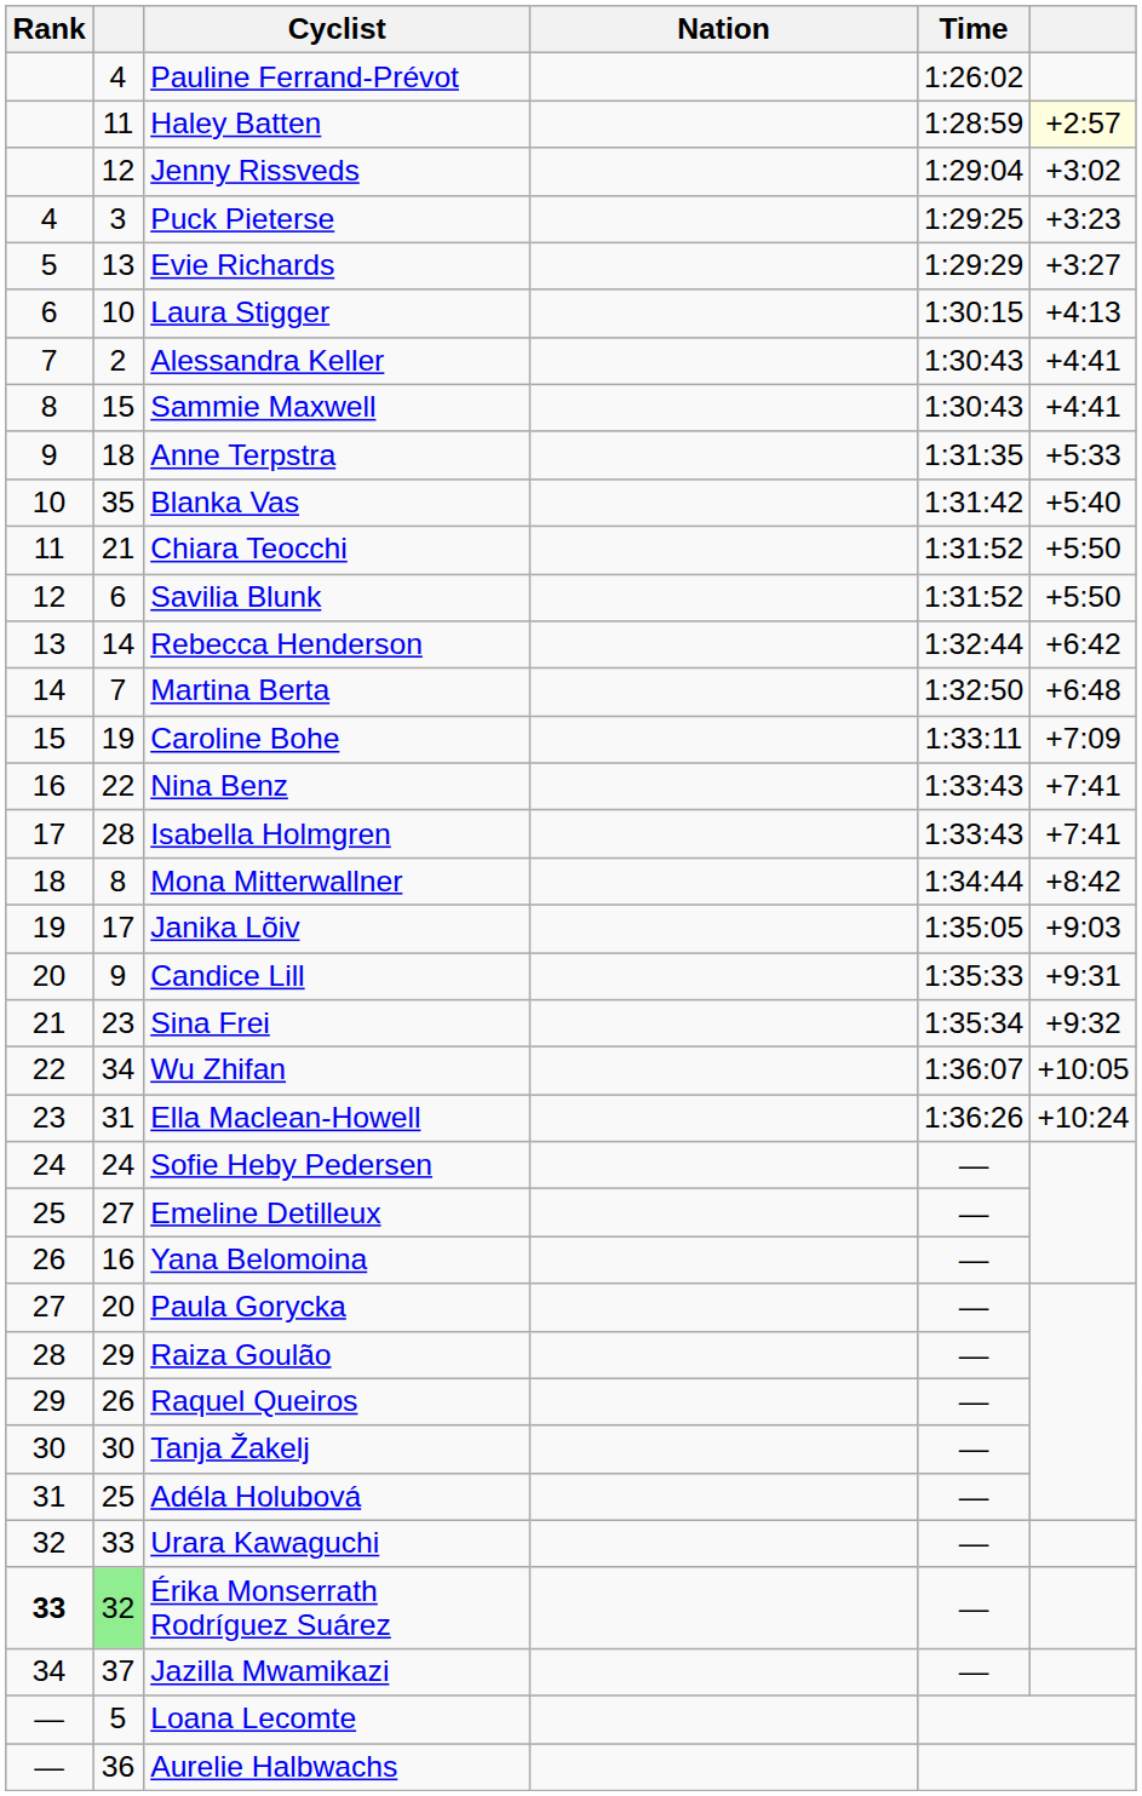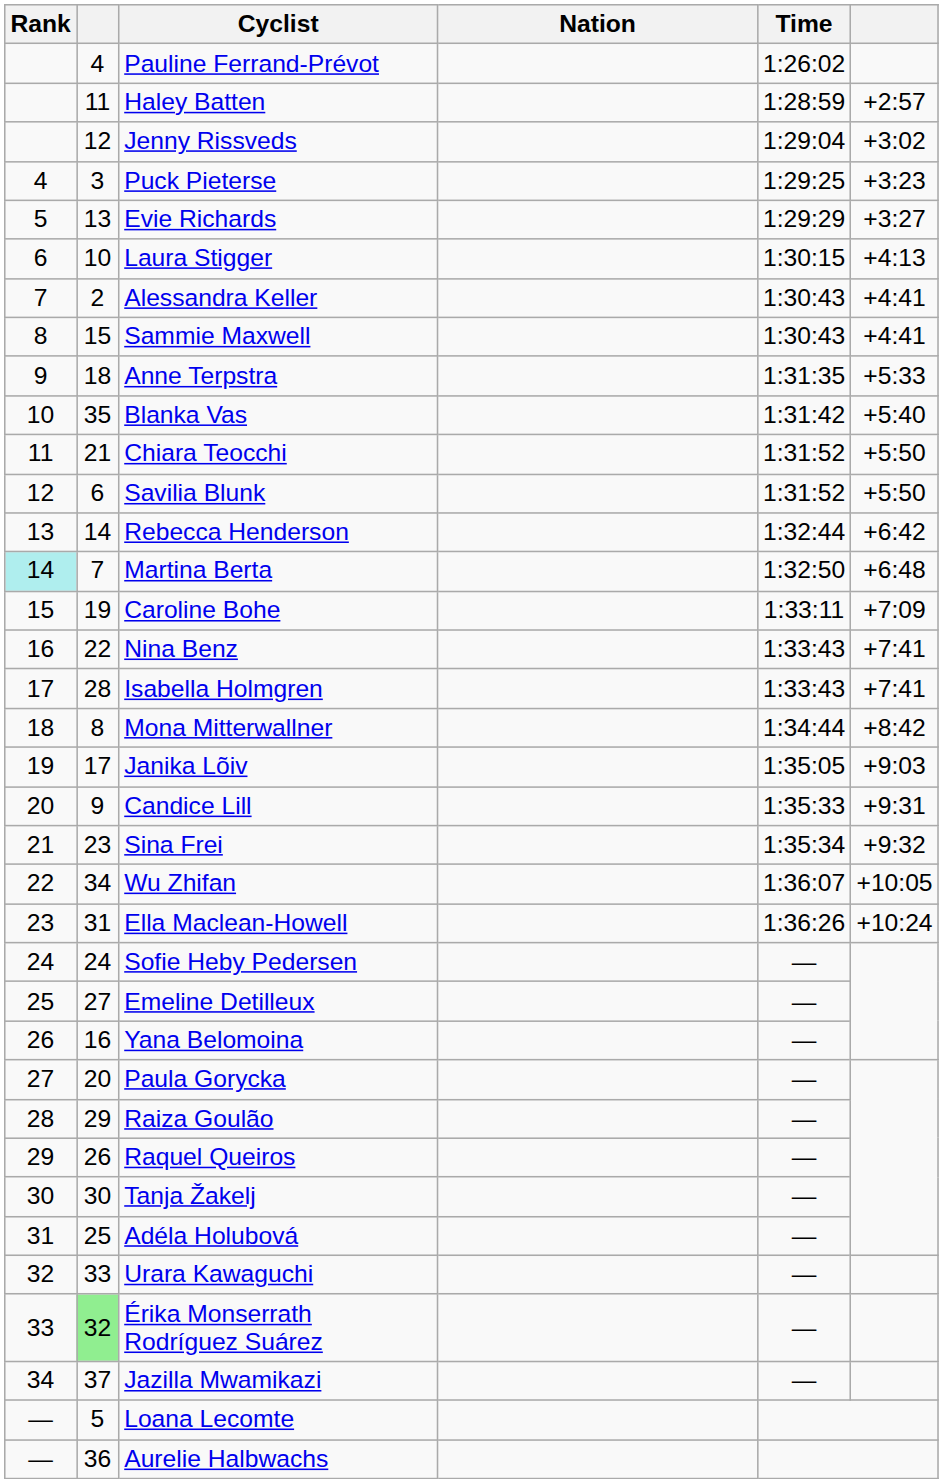 <table class="wikitable sortable" style="text-align:center">
 <tr style="background:#efefef;">
 <th width="30">Rank</th>
 <th width="20"></th>
 <th width="200">Cyclist</th>
 <th width="200">Nation</th>
 <th width="40">Time</th>
 <th width="40"></th>
 </tr>
 <tr>
 <td></td>
 <td>4</td>
 <td align="left"><a href='#'>Pauline Ferrand-Prévot</a></td>
 <td align="left"></td>
 <td>1:26:02</td>
 <td></td>
 </tr>
 <tr>
 <td></td>
 <td>11</td>
 <td align="left"><a href='#'>Haley Batten</a></td>
 <td align="left"></td>
 <td>1:28:59</td>
-<td style="background: lightyellow;">+2:57</td>
+<td>+2:57</td>
 </tr>
 <tr>
 <td></td>
 <td>12</td>
 <td align="left"><a href='#'>Jenny Rissveds</a></td>
 <td align="left"></td>
 <td>1:29:04</td>
 <td>+3:02</td>
 </tr>
 <tr>
 <td>4</td>
 <td>3</td>
 <td align="left"><a href='#'>Puck Pieterse</a></td>
 <td align="left"></td>
 <td>1:29:25</td>
 <td>+3:23</td>
 </tr>
 <tr>
 <td>5</td>
 <td>13</td>
 <td align="left"><a href='#'>Evie Richards</a></td>
 <td align="left"></td>
 <td>1:29:29</td>
 <td>+3:27</td>
 </tr>
 <tr>
 <td>6</td>
 <td>10</td>
 <td align="left"><a href='#'>Laura Stigger</a></td>
 <td align="left"></td>
 <td>1:30:15</td>
 <td>+4:13</td>
 </tr>
 <tr>
 <td>7</td>
 <td>2</td>
 <td align="left"><a href='#'>Alessandra Keller</a></td>
 <td align="left"></td>
 <td>1:30:43</td>
 <td>+4:41</td>
 </tr>
 <tr>
 <td>8</td>
 <td>15</td>
 <td align="left"><a href='#'>Sammie Maxwell</a></td>
 <td align="left"></td>
 <td>1:30:43</td>
 <td>+4:41</td>
 </tr>
 <tr>
 <td>9</td>
 <td>18</td>
 <td align="left"><a href='#'>Anne Terpstra</a></td>
 <td align="left"></td>
 <td>1:31:35</td>
 <td>+5:33</td>
 </tr>
 <tr>
 <td>10</td>
 <td>35</td>
 <td align="left"><a href='#'>Blanka Vas</a></td>
 <td align="left"></td>
 <td>1:31:42</td>
 <td>+5:40</td>
 </tr>
 <tr>
 <td>11</td>
 <td>21</td>
 <td align="left"><a href='#'>Chiara Teocchi</a></td>
 <td align="left"></td>
 <td>1:31:52</td>
 <td>+5:50</td>
 </tr>
 <tr>
 <td>12</td>
 <td>6</td>
 <td align="left"><a href='#'>Savilia Blunk</a></td>
 <td align="left"></td>
 <td>1:31:52</td>
 <td>+5:50</td>
 </tr>
 <tr>
 <td>13</td>
 <td>14</td>
 <td align="left"><a href='#'> Rebecca Henderson</a></td>
 <td align="left"></td>
 <td>1:32:44</td>
 <td>+6:42</td>
 </tr>
 <tr>
-<td>14</td>
+<td style="background: paleturquoise;">14</td>
 <td>7</td>
 <td align="left"><a href='#'>Martina Berta</a></td>
 <td align="left"></td>
 <td>1:32:50</td>
 <td>+6:48</td>
 </tr>
 <tr>
 <td>15</td>
 <td>19</td>
 <td align="left"><a href='#'>Caroline Bohe</a></td>
 <td align="left"></td>
 <td>1:33:11</td>
 <td>+7:09</td>
 </tr>
 <tr>
 <td>16</td>
 <td>22</td>
 <td align="left"><a href='#'>Nina Benz</a></td>
 <td align="left"></td>
 <td>1:33:43</td>
 <td>+7:41</td>
 </tr>
 <tr>
 <td>17</td>
 <td>28</td>
 <td align="left"><a href='#'>Isabella Holmgren</a></td>
 <td align="left"></td>
 <td>1:33:43</td>
 <td>+7:41</td>
 </tr>
 <tr>
 <td>18</td>
 <td>8</td>
 <td align="left"><a href='#'>Mona Mitterwallner</a></td>
 <td align="left"></td>
 <td>1:34:44</td>
 <td>+8:42</td>
 </tr>
 <tr>
 <td>19</td>
 <td>17</td>
 <td align="left"><a href='#'>Janika Lõiv</a></td>
 <td align="left"></td>
 <td>1:35:05</td>
 <td>+9:03</td>
 </tr>
 <tr>
 <td>20</td>
 <td>9</td>
 <td align="left"><a href='#'>Candice Lill</a></td>
 <td align="left"></td>
 <td>1:35:33</td>
 <td>+9:31</td>
 </tr>
 <tr>
 <td>21</td>
 <td>23</td>
 <td align="left"><a href='#'>Sina Frei</a></td>
 <td align="left"></td>
 <td>1:35:34</td>
 <td>+9:32</td>
 </tr>
 <tr>
 <td>22</td>
 <td>34</td>
 <td align="left"><a href='#'>Wu Zhifan</a></td>
 <td align="left"></td>
 <td>1:36:07</td>
 <td>+10:05</td>
 </tr>
 <tr>
 <td>23</td>
 <td>31</td>
 <td align="left"><a href='#'>Ella Maclean-Howell</a></td>
 <td align="left"></td>
 <td>1:36:26</td>
 <td>+10:24</td>
 </tr>
 <tr>
 <td>24</td>
 <td>24</td>
 <td align="left"><a href='#'>Sofie Heby Pedersen</a></td>
 <td align="left"></td>
 <td data-sort-value="24">—</td>
 <td rowspan="3"></td>
 </tr>
 <tr>
 <td>25</td>
 <td>27</td>
 <td align="left"><a href='#'>Emeline Detilleux</a></td>
 <td align="left"></td>
 <td data-sort-value="25">—</td>
 </tr>
 <tr>
 <td>26</td>
 <td>16</td>
 <td align="left"><a href='#'>Yana Belomoina</a></td>
 <td align="left"></td>
 <td data-sort-value="26">—</td>
 </tr>
 <tr>
 <td>27</td>
 <td>20</td>
 <td align="left"><a href='#'>Paula Gorycka</a></td>
 <td align="left"></td>
 <td data-sort-value="27">—</td>
 <td rowspan="5"></td>
 </tr>
 <tr>
 <td>28</td>
 <td>29</td>
 <td align="left"><a href='#'>Raiza Goulão</a></td>
 <td align="left"></td>
 <td data-sort-value="28">—</td>
 </tr>
 <tr>
 <td>29</td>
 <td>26</td>
 <td align="left"><a href='#'>Raquel Queiros</a></td>
 <td align="left"></td>
 <td data-sort-value="29">—</td>
 </tr>
 <tr>
 <td>30</td>
 <td>30</td>
 <td align="left"><a href='#'>Tanja Žakelj</a></td>
 <td align="left"></td>
 <td data-sort-value="30">—</td>
 </tr>
 <tr>
 <td>31</td>
 <td>25</td>
 <td align="left"><a href='#'>Adéla Holubová</a></td>
 <td align="left"></td>
 <td data-sort-value="31">—</td>
 </tr>
 <tr>
 <td>32</td>
 <td>33</td>
 <td align="left"><a href='#'>Urara Kawaguchi</a></td>
 <td align="left"></td>
 <td data-sort-value="32">—</td>
 <td></td>
 </tr>
 <tr>
-<td><strong>33</strong></td>
+<td>33</td>
 <td style="background: lightgreen;">32</td>
 <td align="left"><a href='#'>Érika Monserrath Rodríguez Suárez</a></td>
 <td align="left"></td>
 <td data-sort-value="33">—</td>
 <td></td>
 </tr>
 <tr>
 <td>34</td>
 <td>37</td>
 <td align="left"><a href='#'>Jazilla Mwamikazi</a></td>
 <td align="left"></td>
 <td data-sort-value="34">—</td>
 <td></td>
 </tr>
 <tr>
 <td data-sort-value="35">—</td>
 <td>5</td>
 <td align="left"><a href='#'>Loana Lecomte</a></td>
 <td align="left"></td>
 <td colspan="2" data-sort-value="35"></td>
 </tr>
 <tr>
 <td data-sort-value="36">—</td>
 <td>36</td>
 <td align="left"><a href='#'>Aurelie Halbwachs</a></td>
 <td align="left"></td>
 <td colspan="2" data-sort-value="36"></td>
 </tr>
 </table>
